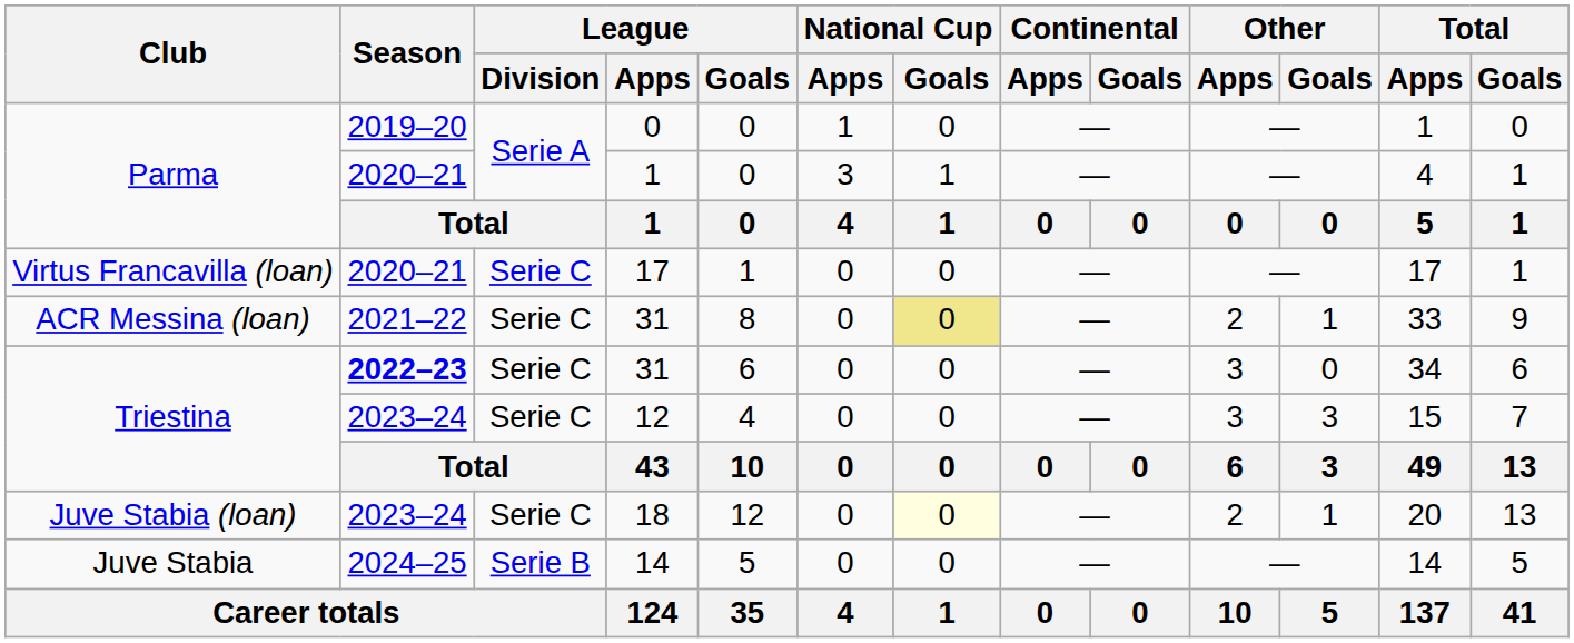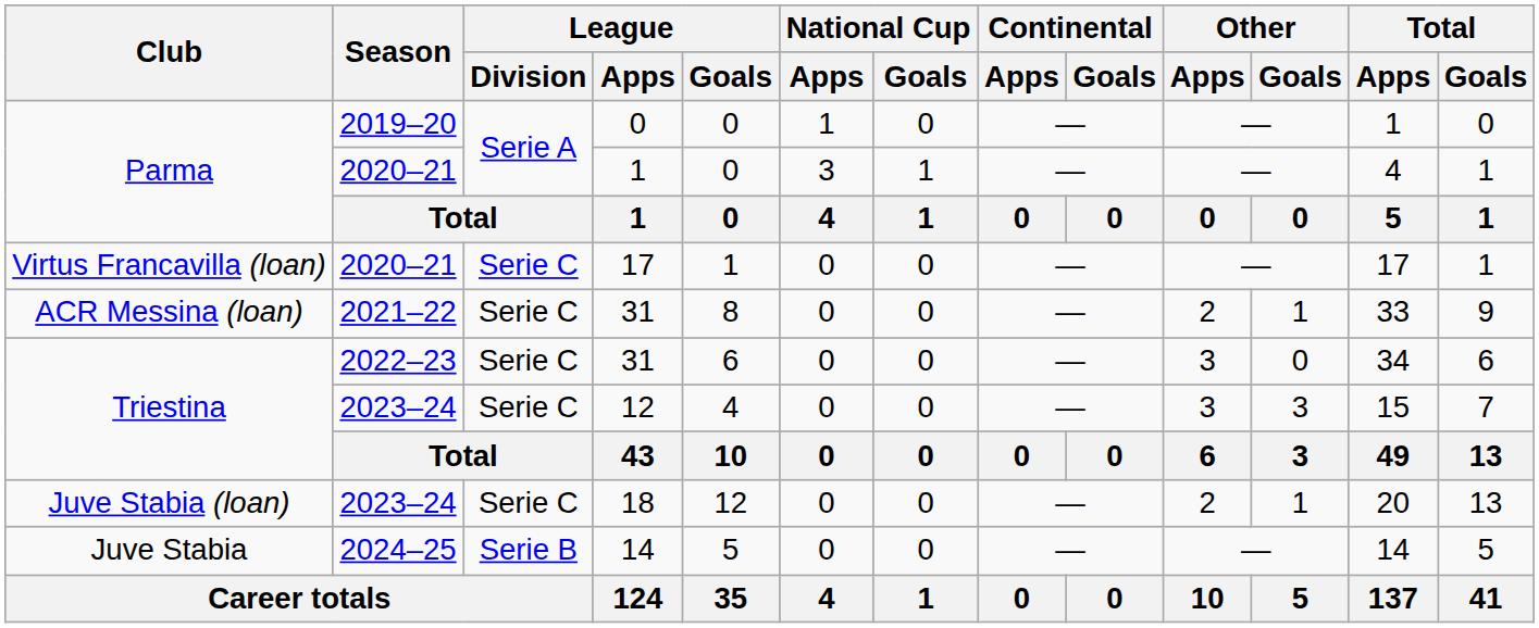 <table class="wikitable" style="text-align:center">
 <tr>
 <th rowspan="2">Club</th>
 <th rowspan="2">Season</th>
 <th colspan="3">League</th>
 <th colspan="2">National Cup</th>
 <th colspan="2">Continental</th>
 <th colspan="2">Other</th>
 <th colspan="2">Total</th>
 </tr>
 <tr>
 <th>Division</th>
 <th>Apps</th>
 <th>Goals</th>
 <th>Apps</th>
 <th>Goals</th>
 <th>Apps</th>
 <th>Goals</th>
 <th>Apps</th>
 <th>Goals</th>
 <th>Apps</th>
 <th>Goals</th>
 </tr>
 <tr>
 <td rowspan="3"><a href='#'>Parma</a></td>
 <td><a href='#'>2019–20</a></td>
 <td rowspan="2"><a href='#'>Serie A</a></td>
 <td>0</td>
 <td>0</td>
 <td>1</td>
 <td>0</td>
 <td colspan="2">—</td>
 <td colspan="2">—</td>
 <td>1</td>
 <td>0</td>
 </tr>
 <tr>
 <td><a href='#'>2020–21</a></td>
 <td>1</td>
 <td>0</td>
 <td>3</td>
 <td>1</td>
 <td colspan="2">—</td>
 <td colspan="2">—</td>
 <td>4</td>
 <td>1</td>
 </tr>
 <tr>
 <th colspan="2">Total</th>
 <th>1</th>
 <th>0</th>
 <th>4</th>
 <th>1</th>
 <th>0</th>
 <th>0</th>
 <th>0</th>
 <th>0</th>
 <th>5</th>
 <th>1</th>
 </tr>
 <tr>
 <td><a href='#'>Virtus Francavilla</a> <em>(loan)</em></td>
 <td><a href='#'>2020–21</a></td>
 <td><a href='#'>Serie C</a></td>
 <td>17</td>
 <td>1</td>
 <td>0</td>
 <td>0</td>
 <td colspan="2">—</td>
 <td colspan="2">—</td>
 <td>17</td>
 <td>1</td>
 </tr>
 <tr>
 <td><a href='#'>ACR Messina</a> <em>(loan)</em></td>
 <td><a href='#'>2021–22</a></td>
 <td>Serie C</td>
 <td>31</td>
 <td>8</td>
 <td>0</td>
-<td style="background: khaki;">0</td>
+<td>0</td>
 <td colspan="2">—</td>
 <td>2</td>
 <td>1</td>
 <td>33</td>
 <td>9</td>
 </tr>
 <tr>
 <td rowspan="3"><a href='#'>Triestina</a></td>
-<td><strong><a href='#'>2022–23</a></strong></td>
+<td><a href='#'>2022–23</a></td>
 <td>Serie C</td>
 <td>31</td>
 <td>6</td>
 <td>0</td>
 <td>0</td>
 <td colspan="2">—</td>
 <td>3</td>
 <td>0</td>
 <td>34</td>
 <td>6</td>
 </tr>
 <tr>
 <td><a href='#'>2023–24</a></td>
 <td>Serie C</td>
 <td>12</td>
 <td>4</td>
 <td>0</td>
 <td>0</td>
 <td colspan="2">—</td>
 <td>3</td>
 <td>3</td>
 <td>15</td>
 <td>7</td>
 </tr>
 <tr>
 <th colspan="2">Total</th>
 <th>43</th>
 <th>10</th>
 <th>0</th>
 <th>0</th>
 <th>0</th>
 <th>0</th>
 <th>6</th>
 <th>3</th>
 <th>49</th>
 <th>13</th>
 </tr>
 <tr>
 <td><a href='#'>Juve Stabia</a> <em>(loan)</em></td>
 <td><a href='#'>2023–24</a></td>
 <td>Serie C</td>
 <td>18</td>
 <td>12</td>
 <td>0</td>
-<td style="background: lightyellow;">0</td>
+<td>0</td>
 <td colspan="2">—</td>
 <td>2</td>
 <td>1</td>
 <td>20</td>
 <td>13</td>
 </tr>
 <tr>
 <td>Juve Stabia</td>
 <td><a href='#'>2024–25</a></td>
 <td><a href='#'>Serie B</a></td>
 <td>14</td>
 <td>5</td>
 <td>0</td>
 <td>0</td>
 <td colspan="2">—</td>
 <td colspan="2">—</td>
 <td>14</td>
 <td>5</td>
 </tr>
 <tr>
 <th colspan="3">Career totals</th>
 <th>124</th>
 <th>35</th>
 <th>4</th>
 <th>1</th>
 <th>0</th>
 <th>0</th>
 <th>10</th>
 <th>5</th>
 <th>137</th>
 <th>41</th>
 </tr>
 </table>
